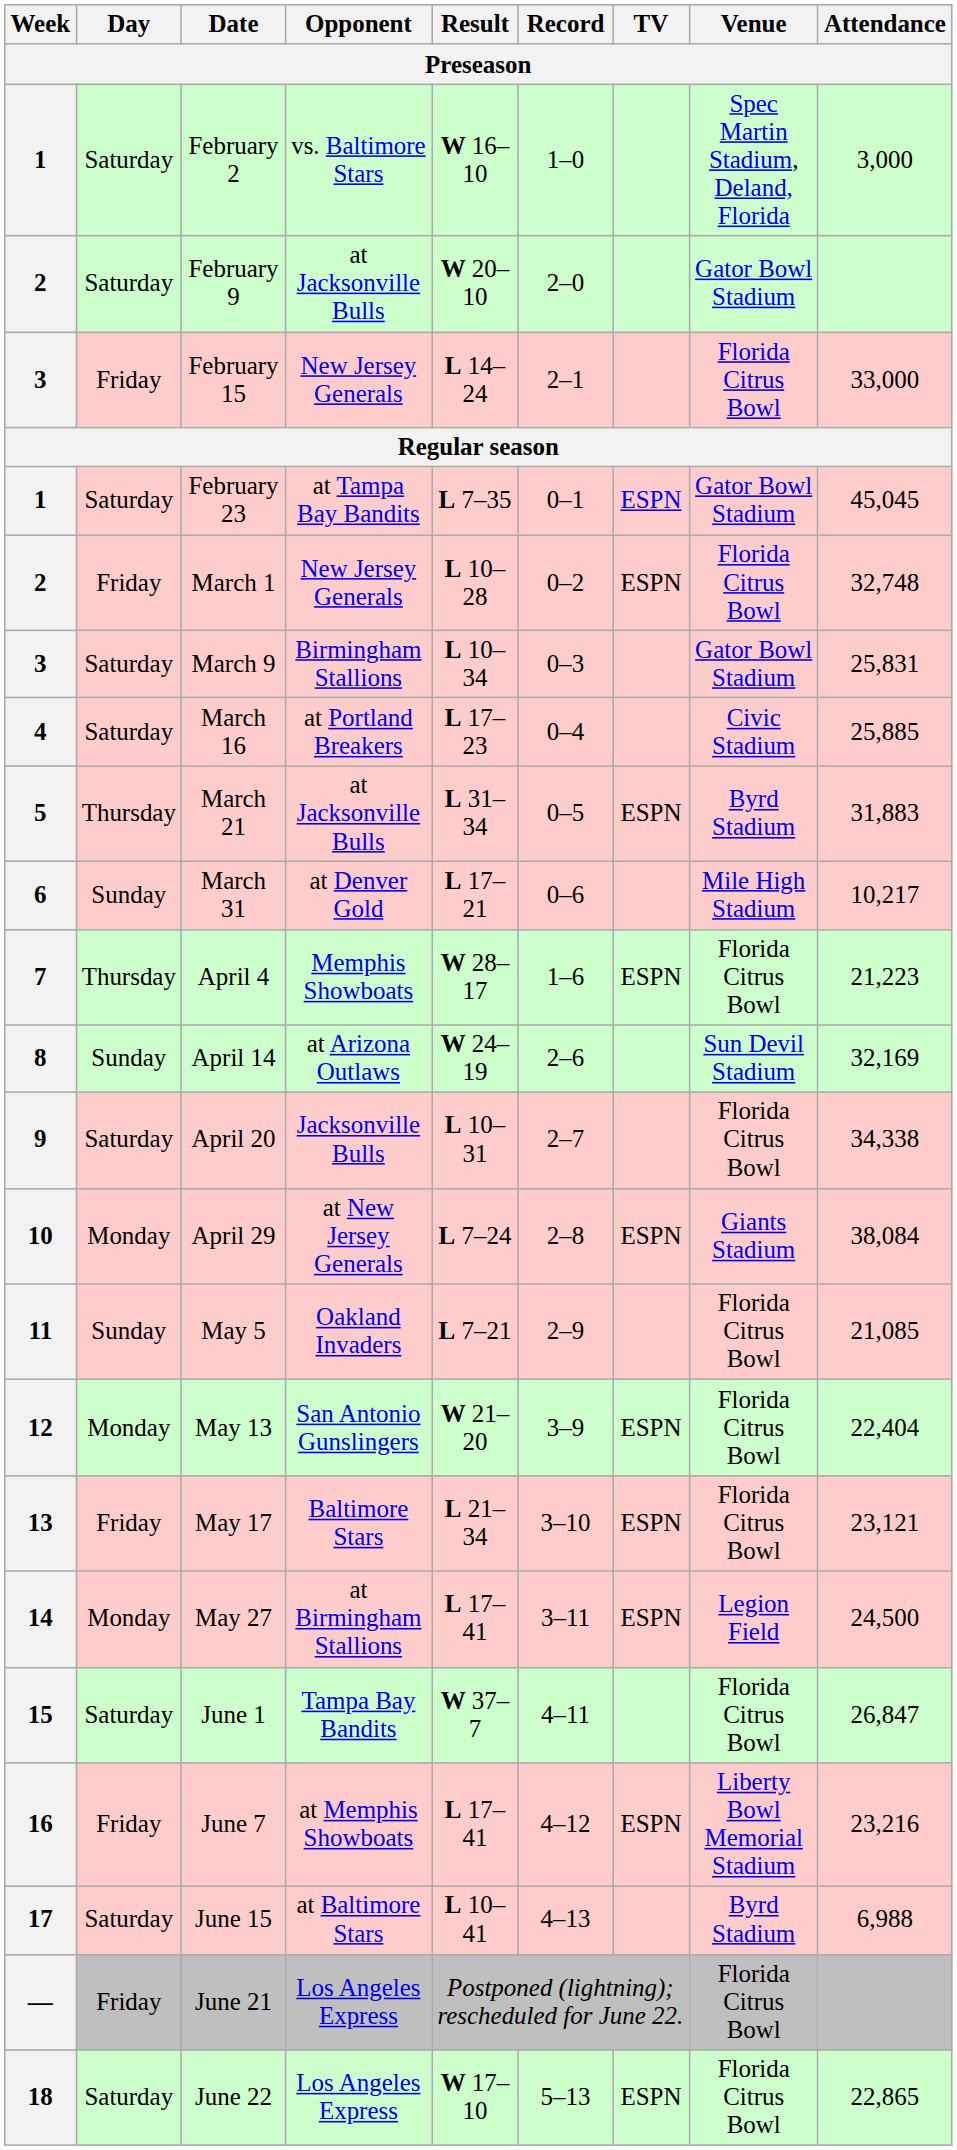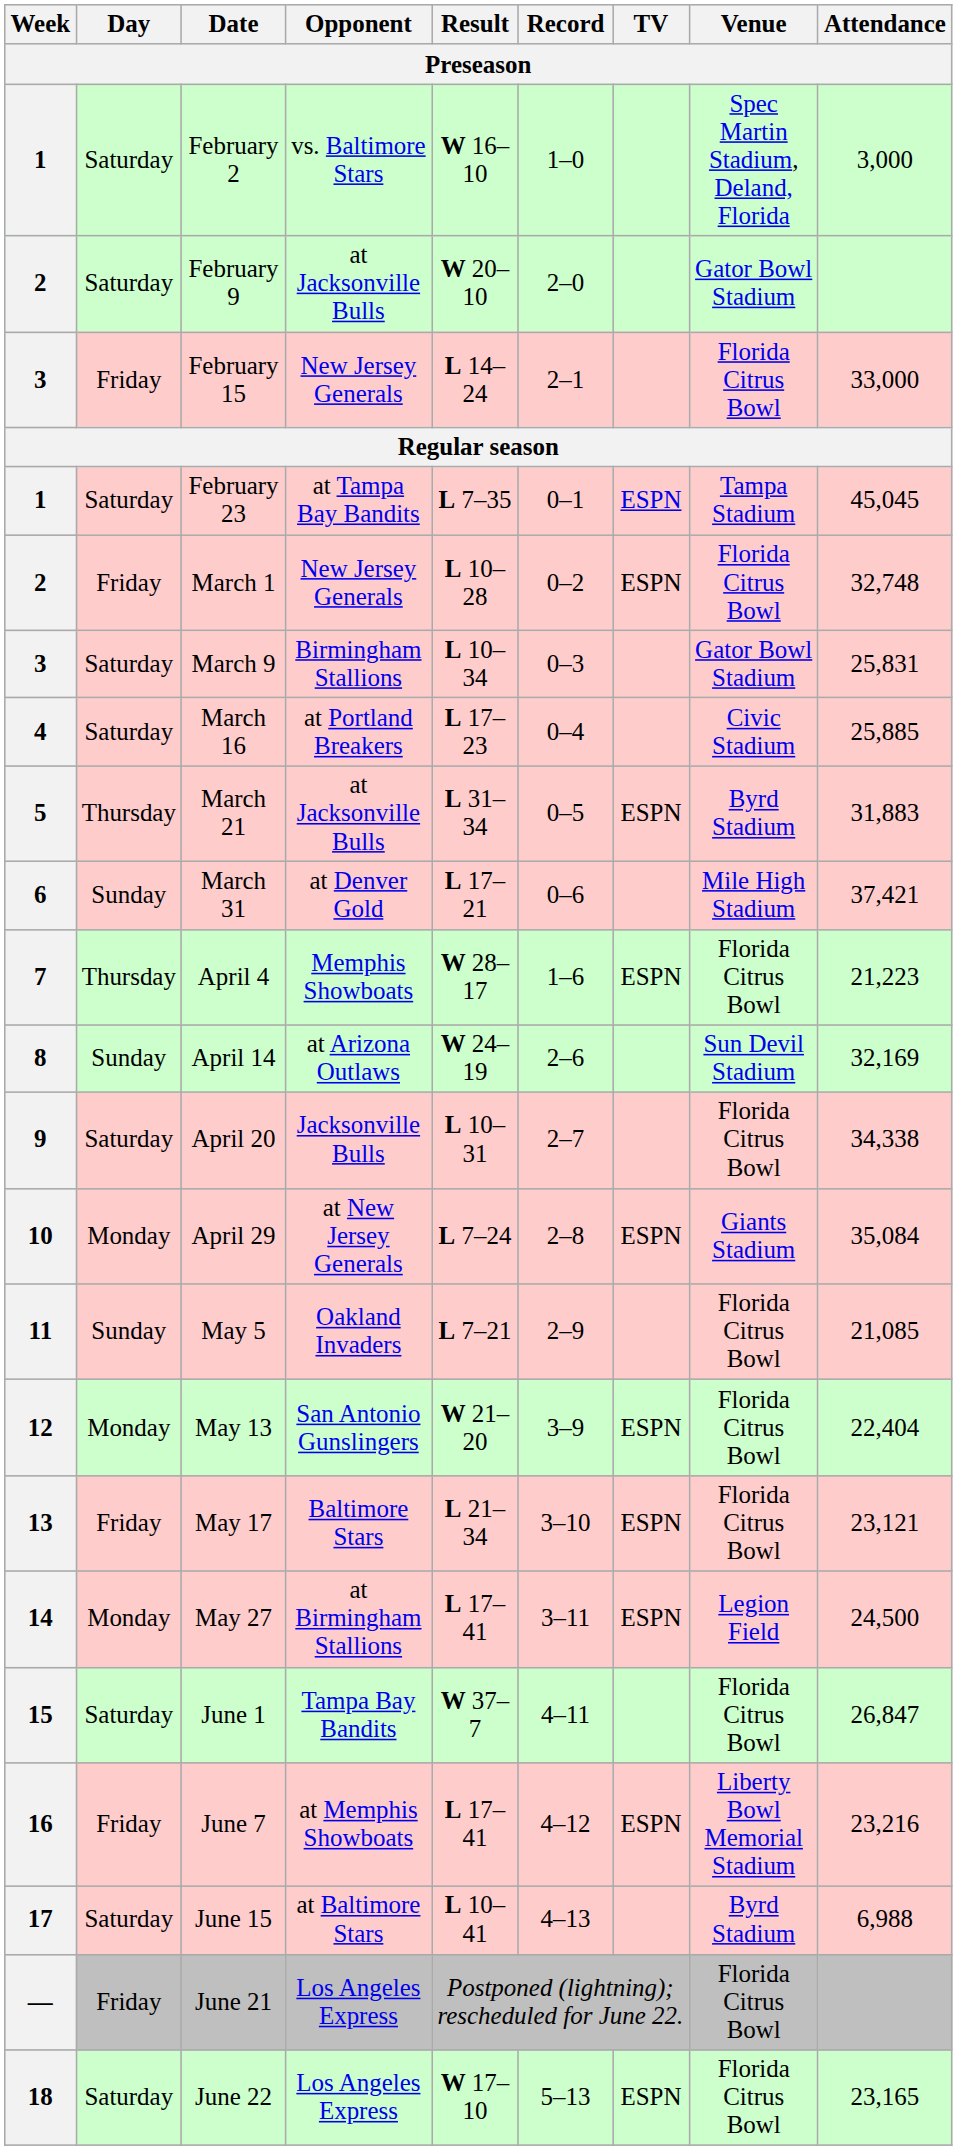 <table class="wikitable" style="text-align:center">
 <tr>
 <th>Week</th>
 <th>Day</th>
 <th>Date</th>
 <th>Opponent</th>
 <th>Result</th>
 <th>Record</th>
 <th>TV</th>
 <th>Venue</th>
 <th>Attendance</th>
 </tr>
 <tr>
 <th colspan="9">Preseason</th>
 </tr>
 <tr style="background:#cfc">
 <th>1</th>
 <td>Saturday</td>
 <td>February 2</td>
 <td>vs. <a href='#'>Baltimore Stars</a></td>
 <td><strong>W</strong> 16–10</td>
 <td>1–0</td>
 <td></td>
 <td><a href='#'>Spec Martin Stadium</a>, <a href='#'>Deland, Florida</a></td>
 <td>3,000</td>
 </tr>
 <tr style="background:#cfc">
 <th>2</th>
 <td>Saturday</td>
 <td>February 9</td>
 <td>at <a href='#'>Jacksonville Bulls</a></td>
 <td><strong>W</strong> 20–10</td>
 <td>2–0</td>
 <td></td>
 <td><a href='#'>Gator Bowl Stadium</a></td>
 <td></td>
 </tr>
 <tr style="background:#fcc">
 <th>3</th>
 <td>Friday</td>
 <td>February 15</td>
 <td><a href='#'>New Jersey Generals</a></td>
 <td><strong>L</strong> 14–24</td>
 <td>2–1</td>
 <td></td>
 <td><a href='#'>Florida Citrus Bowl</a></td>
 <td>33,000</td>
 </tr>
 <tr>
 <th colspan="9">Regular season</th>
 </tr>
 <tr style="background:#fcc">
 <th>1</th>
 <td>Saturday</td>
 <td>February 23</td>
 <td>at <a href='#'>Tampa Bay Bandits</a></td>
 <td><strong>L</strong> 7–35</td>
 <td>0–1</td>
 <td><a href='#'>ESPN</a></td>
-<td><a href='#'>Gator Bowl Stadium</a></td>
+<td><a href='#'>Tampa Stadium</a></td>
 <td>45,045</td>
 </tr>
 <tr style="background:#fcc">
 <th>2</th>
 <td>Friday</td>
 <td>March 1</td>
 <td><a href='#'>New Jersey Generals</a></td>
 <td><strong>L</strong> 10–28</td>
 <td>0–2</td>
 <td>ESPN</td>
 <td><a href='#'>Florida Citrus Bowl</a></td>
 <td>32,748</td>
 </tr>
 <tr style="background:#fcc">
 <th>3</th>
 <td>Saturday</td>
 <td>March 9</td>
 <td><a href='#'>Birmingham Stallions</a></td>
 <td><strong>L</strong> 10–34</td>
 <td>0–3</td>
 <td></td>
 <td><a href='#'>Gator Bowl Stadium</a></td>
 <td>25,831</td>
 </tr>
 <tr style="background:#fcc">
 <th>4</th>
 <td>Saturday</td>
 <td>March 16</td>
 <td>at <a href='#'>Portland Breakers</a></td>
 <td><strong>L</strong> 17–23</td>
 <td>0–4</td>
 <td></td>
 <td><a href='#'>Civic Stadium</a></td>
 <td>25,885</td>
 </tr>
 <tr style="background:#fcc">
 <th>5</th>
 <td>Thursday</td>
 <td>March 21</td>
 <td>at <a href='#'>Jacksonville Bulls</a></td>
 <td><strong>L</strong> 31–34 </td>
 <td>0–5</td>
 <td>ESPN</td>
 <td><a href='#'>Byrd Stadium</a></td>
 <td>31,883</td>
 </tr>
 <tr style="background:#fcc">
 <th>6</th>
 <td>Sunday</td>
 <td>March 31</td>
 <td>at <a href='#'>Denver Gold</a></td>
 <td><strong>L</strong> 17–21</td>
 <td>0–6</td>
 <td></td>
 <td><a href='#'>Mile High Stadium</a></td>
-<td>10,217</td>
+<td>37,421</td>
 </tr>
 <tr style="background:#cfc">
 <th>7</th>
 <td>Thursday</td>
 <td>April 4</td>
 <td><a href='#'>Memphis Showboats</a></td>
 <td><strong>W</strong> 28–17</td>
 <td>1–6</td>
 <td>ESPN</td>
 <td>Florida Citrus Bowl</td>
 <td>21,223</td>
 </tr>
 <tr style="background:#cfc">
 <th>8</th>
 <td>Sunday</td>
 <td>April 14</td>
 <td>at <a href='#'>Arizona Outlaws</a></td>
 <td><strong>W</strong> 24–19</td>
 <td>2–6</td>
 <td></td>
 <td><a href='#'>Sun Devil Stadium</a></td>
 <td>32,169</td>
 </tr>
 <tr style="background:#fcc">
 <th>9</th>
 <td>Saturday</td>
 <td>April 20</td>
 <td><a href='#'>Jacksonville Bulls</a></td>
 <td><strong>L</strong> 10–31</td>
 <td>2–7</td>
 <td></td>
 <td>Florida Citrus Bowl</td>
 <td>34,338</td>
 </tr>
 <tr style="background:#fcc">
 <th>10</th>
 <td>Monday</td>
 <td>April 29</td>
 <td>at <a href='#'>New Jersey Generals</a></td>
 <td><strong>L</strong> 7–24</td>
 <td>2–8</td>
 <td>ESPN</td>
 <td><a href='#'>Giants Stadium</a></td>
-<td>38,084</td>
+<td>35,084</td>
 </tr>
 <tr style="background:#fcc">
 <th>11</th>
 <td>Sunday</td>
 <td>May 5</td>
 <td><a href='#'>Oakland Invaders</a></td>
 <td><strong>L</strong> 7–21</td>
 <td>2–9</td>
 <td></td>
 <td>Florida Citrus Bowl</td>
 <td>21,085</td>
 </tr>
 <tr style="background:#cfc">
 <th>12</th>
 <td>Monday</td>
 <td>May 13</td>
 <td><a href='#'>San Antonio Gunslingers</a></td>
 <td><strong>W</strong> 21–20</td>
 <td>3–9</td>
 <td>ESPN</td>
 <td>Florida Citrus Bowl</td>
 <td>22,404</td>
 </tr>
 <tr style="background:#fcc">
 <th>13</th>
 <td>Friday</td>
 <td>May 17</td>
 <td><a href='#'>Baltimore Stars</a></td>
 <td><strong>L</strong> 21–34</td>
 <td>3–10</td>
 <td>ESPN</td>
 <td>Florida Citrus Bowl</td>
 <td>23,121</td>
 </tr>
 <tr style="background:#fcc">
 <th>14</th>
 <td>Monday</td>
 <td>May 27</td>
 <td>at <a href='#'>Birmingham Stallions</a></td>
 <td><strong>L</strong> 17–41</td>
 <td>3–11</td>
 <td>ESPN</td>
 <td><a href='#'>Legion Field</a></td>
 <td>24,500</td>
 </tr>
 <tr style="background:#cfc">
 <th>15</th>
 <td>Saturday</td>
 <td>June 1</td>
 <td><a href='#'>Tampa Bay Bandits</a></td>
 <td><strong>W</strong> 37–7</td>
 <td>4–11</td>
 <td></td>
 <td>Florida Citrus Bowl</td>
 <td>26,847</td>
 </tr>
 <tr style="background:#fcc">
 <th>16</th>
 <td>Friday</td>
 <td>June 7</td>
 <td>at <a href='#'>Memphis Showboats</a></td>
 <td><strong>L</strong> 17–41</td>
 <td>4–12</td>
 <td>ESPN</td>
 <td><a href='#'>Liberty Bowl Memorial Stadium</a></td>
 <td>23,216</td>
 </tr>
 <tr style="background:#fcc">
 <th>17</th>
 <td>Saturday</td>
 <td>June 15</td>
 <td>at <a href='#'>Baltimore Stars</a></td>
 <td><strong>L</strong> 10–41</td>
 <td>4–13</td>
 <td></td>
 <td><a href='#'>Byrd Stadium</a></td>
 <td>6,988</td>
 </tr>
 <tr style="text-align:center; background:#BFBFBF;">
 <th>—</th>
 <td>Friday</td>
 <td>June 21</td>
 <td><a href='#'>Los Angeles Express</a></td>
 <td colspan=3><em>Postponed (lightning); rescheduled for June 22.</em></td>
 <td>Florida Citrus Bowl</td>
 <td></td>
 </tr>
 <tr style="background:#cfc">
 <th>18</th>
 <td>Saturday</td>
 <td>June 22</td>
 <td><a href='#'>Los Angeles Express</a></td>
 <td><strong>W</strong> 17–10</td>
 <td>5–13</td>
 <td>ESPN</td>
 <td>Florida Citrus Bowl</td>
-<td>22,865</td>
+<td>23,165</td>
 </tr>
 </table>
